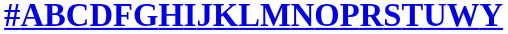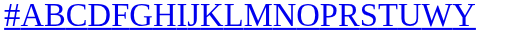 <table id="toc" class="toc" summary="Class">
 <tr>
 <th></th>
 </tr>
 <tr>
-<td style="text-align:center;"><strong><a href='#'>#</a><a href='#'>A</a><a href='#'>B</a><a href='#'>C</a><a href='#'>D</a><a href='#'>F</a><a href='#'>G</a><a href='#'>H</a><a href='#'>I</a><a href='#'>J</a><a href='#'>K</a><a href='#'>L</a><a href='#'>M</a><a href='#'>N</a><a href='#'>O</a><a href='#'>P</a><a href='#'>R</a><a href='#'>S</a><a href='#'>T</a><a href='#'>U</a><a href='#'>W</a><a href='#'>Y</a></strong></td>
+<td style="text-align:center;"><a href='#'>#</a><a href='#'>A</a><a href='#'>B</a><a href='#'>C</a><a href='#'>D</a><a href='#'>F</a><a href='#'>G</a><a href='#'>H</a><a href='#'>I</a><a href='#'>J</a><a href='#'>K</a><a href='#'>L</a><a href='#'>M</a><a href='#'>N</a><a href='#'>O</a><a href='#'>P</a><a href='#'>R</a><a href='#'>S</a><a href='#'>T</a><a href='#'>U</a><a href='#'>W</a><a href='#'>Y</a></td>
 </tr>
 </table>
